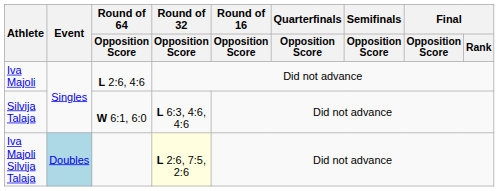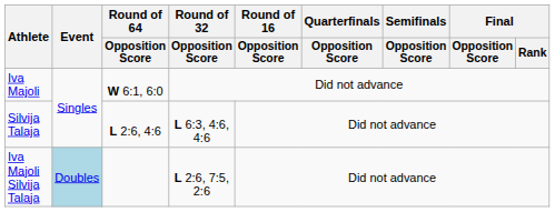 <table class=wikitable style="font-size:90%">
 <tr>
 <th rowspan=2>Athlete</th>
 <th rowspan=2>Event</th>
 <th>Round of 64</th>
 <th>Round of 32</th>
 <th>Round of 16</th>
 <th>Quarterfinals</th>
 <th>Semifinals</th>
 <th colspan=2>Final</th>
 </tr>
 <tr style="font-size:95%">
 <th>Opposition<br>Score</th>
 <th>Opposition<br>Score</th>
 <th>Opposition<br>Score</th>
 <th>Opposition<br>Score</th>
 <th>Opposition<br>Score</th>
 <th>Opposition<br>Score</th>
 <th>Rank</th>
 </tr>
 <tr align=center>
 <td align=left><a href='#'>Iva Majoli</a></td>
 <td rowspan=2><a href='#'>Singles</a></td>
-<td><br><strong>L</strong> 2:6, 4:6</td>
+<td><br><strong>W</strong> 6:1, 6:0</td>
 <td colspan=6>Did not advance</td>
 </tr>
 <tr align=center>
 <td align=left><a href='#'>Silvija Talaja</a></td>
-<td><br><strong>W</strong> 6:1, 6:0</td>
+<td><br><strong>L</strong> 2:6, 4:6</td>
 <td><br><strong>L</strong> 6:3, 4:6, 4:6</td>
 <td colspan=5>Did not advance</td>
 </tr>
 <tr align=center>
 <td align=left><a href='#'>Iva Majoli</a><br><a href='#'>Silvija Talaja</a></td>
 <td style="background: lightblue;"><a href='#'>Doubles</a></td>
 <td></td>
-<td style="background: lightyellow;"><br><strong>L</strong> 2:6, 7:5, 2:6</td>
+<td><br><strong>L</strong> 2:6, 7:5, 2:6</td>
 <td colspan=5>Did not advance</td>
 </tr>
 </table>
